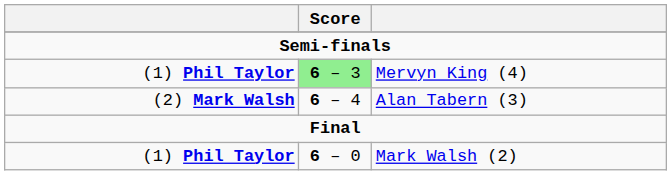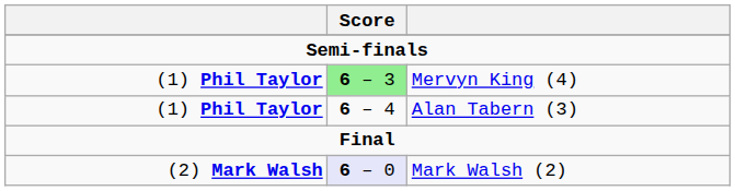 <table class=wikitable style="text-align:center">
 <tr>
 <th width=220></th>
 <th width=50>Score</th>
 <th width=220></th>
 </tr>
 <tr align=center>
 </tr>
 <tr align=center>
 <td colspan="3"><strong>Semi-finals</strong></td>
 </tr>
 <tr align=left>
 <td align=right>(1) <strong><a href='#'>Phil Taylor</a></strong> </td>
 <td align=center style="background: lightgreen;"><strong>6</strong> – 3</td>
 <td> <a href='#'>Mervyn King</a> (4)</td>
 </tr>
 <tr align=left>
-<td align=right>(2) <strong><a href='#'>Mark Walsh</a></strong> </td>
+<td align=right>(1) <strong><a href='#'>Phil Taylor</a></strong> </td>
 <td align=center><strong>6</strong> – 4</td>
 <td> <a href='#'>Alan Tabern</a> (3)</td>
 </tr>
 <tr align=center>
 <td colspan="3"><strong>Final</strong></td>
 </tr>
 <tr align=left>
-<td align=right>(1) <strong><a href='#'>Phil Taylor</a></strong> </td>
-<td align=center><strong>6</strong> – 0</td>
+<td align=right>(2) <strong><a href='#'>Mark Walsh</a></strong> </td>
+<td align=center style="background: lavender;"><strong>6</strong> – 0</td>
 <td> <a href='#'>Mark Walsh</a> (2)</td>
 </tr>
 </table>
